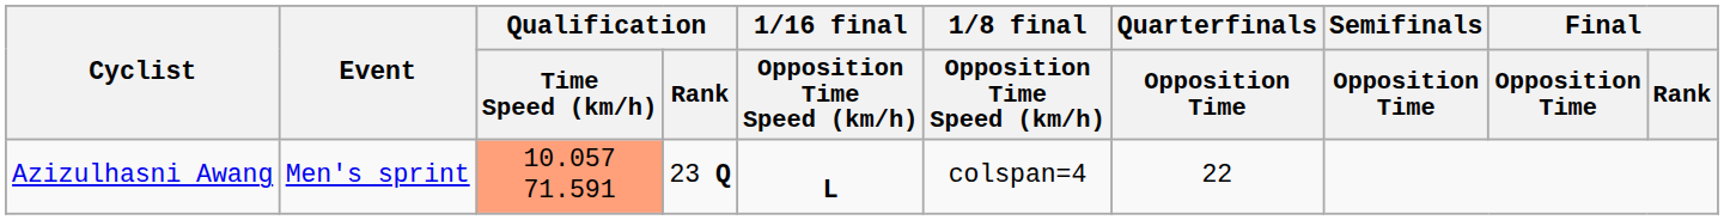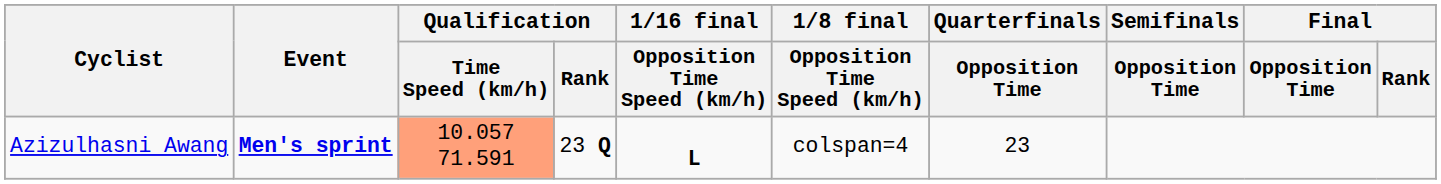 <table class="wikitable" style="font-size:90%">
 <tr>
 <th rowspan=2>Cyclist</th>
 <th rowspan=2>Event</th>
 <th colspan=2>Qualification</th>
 <th>1/16 final</th>
 <th>1/8 final</th>
 <th>Quarterfinals</th>
 <th>Semifinals</th>
 <th colspan=2>Final</th>
 </tr>
 <tr style="font-size:95%">
 <th>Time<br>Speed (km/h)</th>
 <th>Rank</th>
 <th>Opposition<br>Time<br>Speed (km/h)</th>
 <th>Opposition<br>Time<br>Speed (km/h)</th>
 <th>Opposition<br>Time</th>
 <th>Opposition<br>Time</th>
 <th>Opposition<br>Time</th>
 <th>Rank</th>
 </tr>
 <tr align=center>
 <td align=left><a href='#'>Azizulhasni Awang</a></td>
-<td align=left><a href='#'>Men's sprint</a></td>
+<td align=left><strong><a href='#'>Men's sprint</a></strong></td>
 <td style="background: lightsalmon;">10.057<br>71.591</td>
 <td>23 <strong>Q</strong></td>
 <td><br><strong>L</strong></td>
 <td>colspan=4 </td>
-<td>22</td>
+<td>23</td>
 </tr>
 </table>
